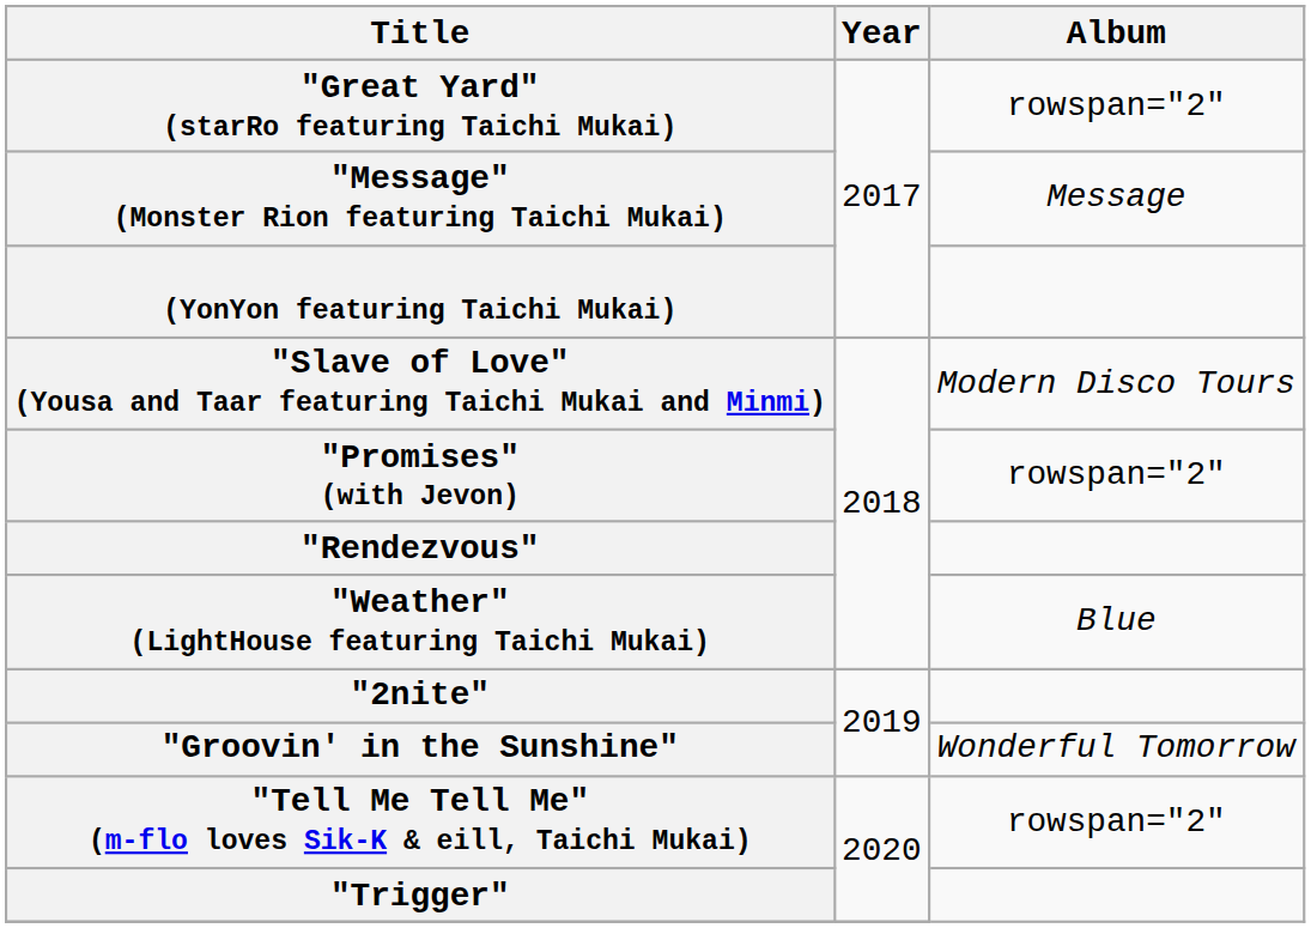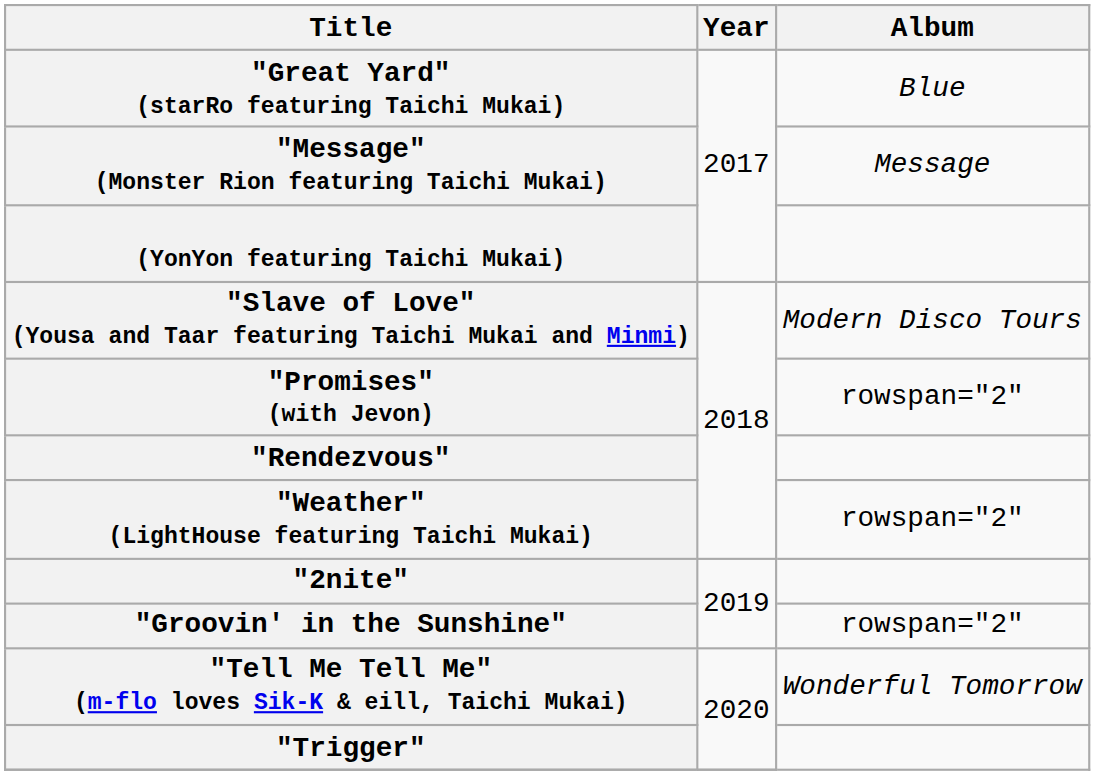 <table class="wikitable plainrowheaders" style="text-align:center;">
 <tr>
 <th scope="col">Title</th>
 <th scope="col">Year</th>
 <th scope="col">Album</th>
 </tr>
 <tr>
 <th scope="row">"Great Yard"<br><small>(starRo featuring Taichi Mukai)</small></th>
 <td rowspan="3">2017</td>
-<td>rowspan="2" </td>
+<td><em>Blue</em></td>
 </tr>
 <tr>
 <th scope="row">"Message"<br><small>(Monster Rion featuring Taichi Mukai)</small></th>
 <td><em>Message</em></td>
 </tr>
 <tr>
 <th scope="row"><br><small>(YonYon featuring Taichi Mukai)</small></th>
 <td></td>
 </tr>
 <tr>
 <th scope="row">"Slave of Love"<br><small>(Yousa and Taar featuring Taichi Mukai and <a href='#'>Minmi</a>)</small></th>
 <td rowspan="4">2018</td>
 <td><em>Modern Disco Tours</em></td>
 </tr>
 <tr>
 <th scope="row">"Promises"<br><small>(with Jevon)</small></th>
 <td>rowspan="2" </td>
 </tr>
 <tr>
 <th scope="row">"Rendezvous"<br></th>
 </tr>
 <tr>
 <th scope="row">"Weather"<br><small>(LightHouse featuring Taichi Mukai)</small></th>
-<td><em>Blue</em></td>
+<td>rowspan="2" </td>
 </tr>
 <tr>
 <th scope="row">"2nite"<br></th>
 <td rowspan="2">2019</td>
 </tr>
 <tr>
 <th scope="row">"Groovin' in the Sunshine"<br></th>
-<td><em>Wonderful Tomorrow</em></td>
+<td>rowspan="2" </td>
 </tr>
 <tr>
 <th scope="row">"Tell Me Tell Me"<br><small>(<a href='#'>m-flo</a> loves <a href='#'>Sik-K</a> & eill, Taichi Mukai)</small></th>
 <td rowspan="2">2020</td>
-<td>rowspan="2" </td>
+<td><em>Wonderful Tomorrow</em></td>
 </tr>
 <tr>
 <th scope="row">"Trigger"<br></th>
 </tr>
 <tr>
 </tr>
 </table>
